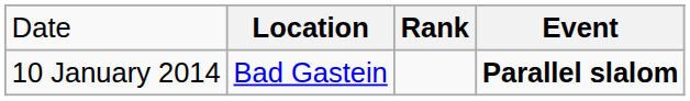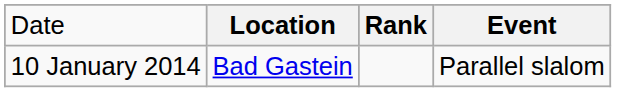 <table class="wikitable sortable" style="font-size:90%" style="text-align:center">
 <tr>
 <td>Date</td>
 <th>Location</th>
 <th>Rank</th>
 <th>Event</th>
 </tr>
 <tr>
 <td>10 January 2014</td>
 <td><a href='#'>Bad Gastein</a></td>
 <td></td>
-<td><strong>Parallel slalom</strong></td>
+<td>Parallel slalom</td>
 </tr>
 </table>
